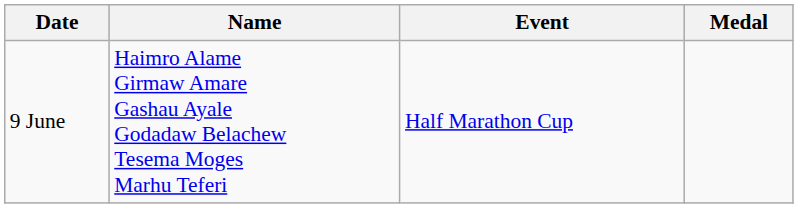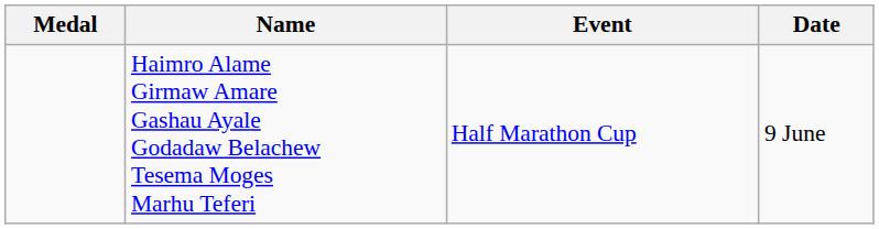 <table class="wikitable" style="font-size:90%" width=60%>
 <tr>
-<th>Date</th>
+<th>Medal</th>
 <th>Name</th>
 <th>Event</th>
-<th>Medal</th>
+<th>Date</th>
 </tr>
 <tr>
-<td>9 June</td>
+<td></td>
 <td><a href='#'>Haimro Alame</a><br><a href='#'>Girmaw Amare</a><br><a href='#'>Gashau Ayale</a><br><a href='#'>Godadaw Belachew</a><br><a href='#'>Tesema Moges</a><br><a href='#'>Marhu Teferi</a></td>
 <td><a href='#'>Half Marathon Cup</a></td>
-<td></td>
+<td>9 June</td>
 </tr>
 </table>
